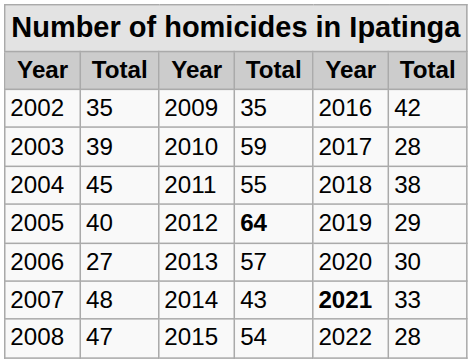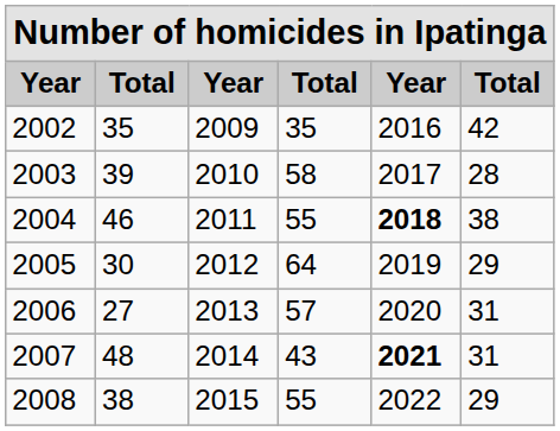 <table class="wikitable" style="float:">
 <tr>
 <th colspan="6" style="background:#e3e3e3; text-align:center; font-size:larger; color:#000000;"><strong>Number of homicides in Ipatinga</strong></th>
 </tr>
 <tr>
 <th style="background:#cccccc;"><strong>Year</strong></th>
 <th style="background:#cccccc;"><strong>Total</strong></th>
 <th style="background:#cccccc;"><strong>Year</strong></th>
 <th style="background:#cccccc;"><strong>Total</strong></th>
 <th style="background:#cccccc;"><strong>Year</strong></th>
 <th style="background:#cccccc;"><strong>Total</strong></th>
 </tr>
 <tr>
 <td>2002</td>
 <td>35</td>
 <td>2009</td>
 <td>35</td>
 <td>2016</td>
 <td>42</td>
 </tr>
 <tr>
 <td>2003</td>
 <td>39</td>
 <td>2010</td>
-<td>59</td>
+<td>58</td>
 <td>2017</td>
 <td>28</td>
 </tr>
 <tr>
 <td>2004</td>
-<td>45</td>
+<td>46</td>
 <td>2011</td>
 <td>55</td>
-<td>2018</td>
+<td><strong>2018</strong></td>
 <td>38</td>
 </tr>
 <tr>
 <td>2005</td>
-<td>40</td>
+<td>30</td>
 <td>2012</td>
-<td><strong>64</strong></td>
+<td>64</td>
 <td>2019</td>
 <td>29</td>
 </tr>
 <tr>
 <td>2006</td>
 <td>27</td>
 <td>2013</td>
 <td>57</td>
 <td>2020</td>
-<td>30</td>
+<td>31</td>
 </tr>
 <tr>
 <td>2007</td>
 <td>48</td>
 <td>2014</td>
 <td>43</td>
 <td><strong>2021</strong></td>
-<td>33</td>
+<td>31</td>
 </tr>
 <tr>
 <td>2008</td>
-<td>47</td>
+<td>38</td>
 <td>2015</td>
-<td>54</td>
+<td>55</td>
 <td>2022</td>
-<td>28</td>
+<td>29</td>
 </tr>
 </table>
